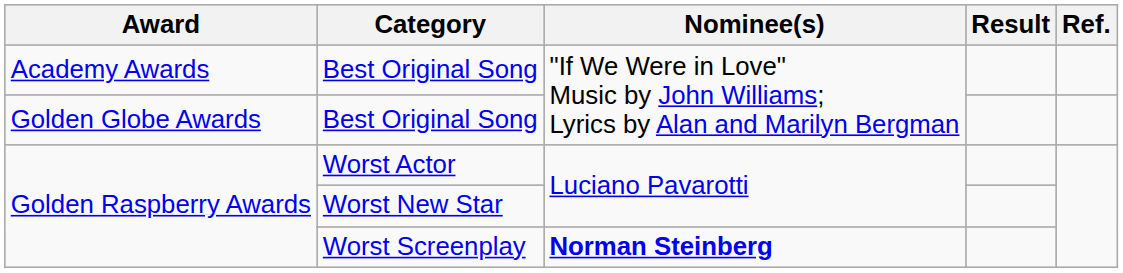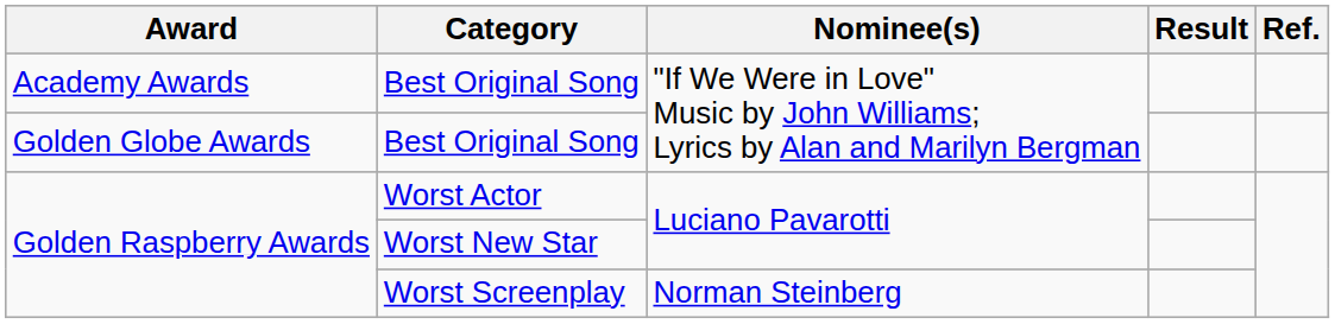 <table class="wikitable plainrowheaders">
 <tr>
 <th>Award</th>
 <th>Category</th>
 <th>Nominee(s)</th>
 <th>Result</th>
 <th>Ref.</th>
 </tr>
 <tr>
 <td><a href='#'>Academy Awards</a></td>
 <td><a href='#'>Best Original Song</a></td>
 <td rowspan="2">"If We Were in Love" <br> Music by <a href='#'>John Williams</a>; <br> Lyrics by <a href='#'>Alan and Marilyn Bergman</a></td>
 <td></td>
 <td align="center"></td>
 </tr>
 <tr>
 <td><a href='#'>Golden Globe Awards</a></td>
 <td><a href='#'>Best Original Song</a></td>
 <td></td>
 <td align="center"></td>
 </tr>
 <tr>
 <td rowspan="3"><a href='#'>Golden Raspberry Awards</a></td>
 <td><a href='#'>Worst Actor</a></td>
 <td rowspan="2"><a href='#'>Luciano Pavarotti</a></td>
 <td></td>
 <td rowspan="3" align="center"></td>
 </tr>
 <tr>
 <td><a href='#'>Worst New Star</a></td>
 <td></td>
 </tr>
 <tr>
 <td><a href='#'>Worst Screenplay</a></td>
-<td><strong><a href='#'>Norman Steinberg</a></strong></td>
+<td><a href='#'>Norman Steinberg</a></td>
 <td></td>
 </tr>
 </table>
